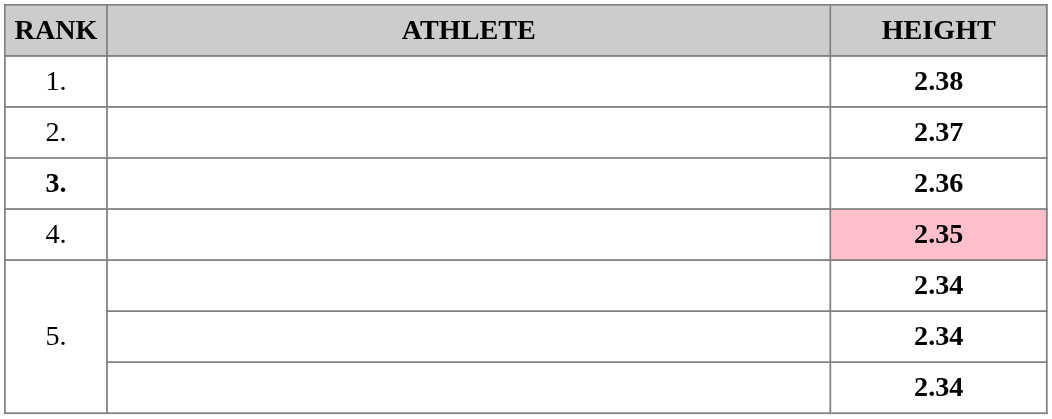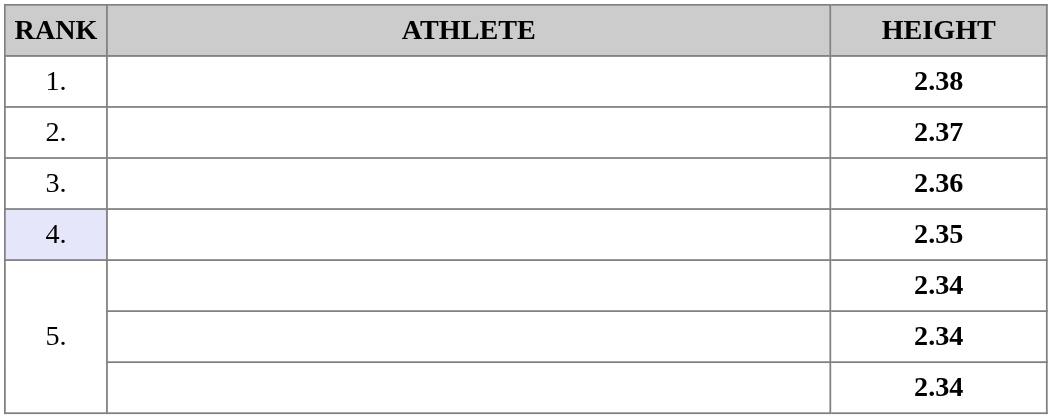 <table border="1" cellspacing="2" cellpadding="5" style="border-collapse: collapse; font-size: 100%;">
 <tr bgcolor="cccccc">
 <th>RANK</th>
 <th align="center" style="width: 25em">ATHLETE</th>
 <th align="center" style="width: 7em">HEIGHT</th>
 </tr>
 <tr>
 <td align="center">1.</td>
 <td></td>
 <td align="center"><strong>2.38</strong></td>
 </tr>
 <tr>
 <td align="center">2.</td>
 <td></td>
 <td align="center"><strong>2.37</strong></td>
 </tr>
 <tr>
-<td align="center"><strong>3.</strong></td>
+<td align="center">3.</td>
 <td></td>
 <td align="center"><strong>2.36</strong></td>
 </tr>
 <tr>
-<td align="center">4.</td>
+<td align="center" style="background: lavender;">4.</td>
 <td></td>
-<td align="center" style="background: pink;"><strong>2.35</strong></td>
+<td align="center"><strong>2.35</strong></td>
 </tr>
 <tr>
 <td rowspan=3 align="center">5.</td>
 <td></td>
 <td align="center"><strong>2.34</strong></td>
 </tr>
 <tr>
 <td></td>
 <td align="center"><strong>2.34</strong></td>
 </tr>
 <tr>
 <td></td>
 <td align="center"><strong>2.34</strong></td>
 </tr>
 </table>
